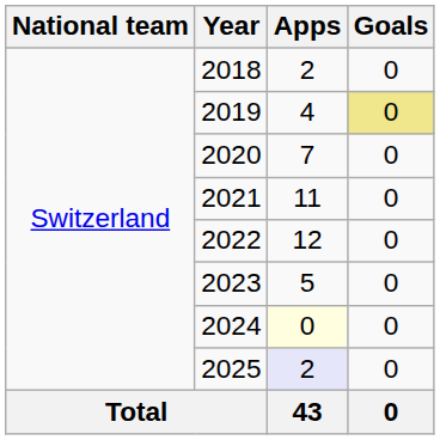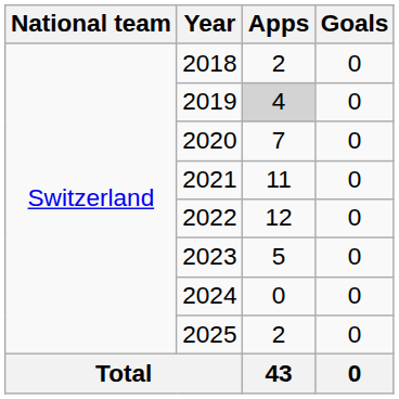 <table class="wikitable" style="text-align:center">
 <tr>
 <th>National team</th>
 <th>Year</th>
 <th>Apps</th>
 <th>Goals</th>
 </tr>
 <tr>
 <td rowspan="8"><a href='#'>Switzerland</a></td>
 <td>2018</td>
 <td>2</td>
 <td>0</td>
 </tr>
 <tr>
 <td>2019</td>
-<td>4</td>
-<td style="background: khaki;">0</td>
+<td style="background: lightgrey;">4</td>
+<td>0</td>
 </tr>
 <tr>
 <td>2020</td>
 <td>7</td>
 <td>0</td>
 </tr>
 <tr>
 <td>2021</td>
 <td>11</td>
 <td>0</td>
 </tr>
 <tr>
 <td>2022</td>
 <td>12</td>
 <td>0</td>
 </tr>
 <tr>
 <td>2023</td>
 <td>5</td>
 <td>0</td>
 </tr>
 <tr>
 <td>2024</td>
-<td style="background: lightyellow;">0</td>
+<td>0</td>
 <td>0</td>
 </tr>
 <tr>
 <td>2025</td>
-<td style="background: lavender;">2</td>
+<td>2</td>
 <td>0</td>
 </tr>
 <tr>
 <th colspan="2">Total</th>
 <th>43</th>
 <th>0</th>
 </tr>
 </table>
